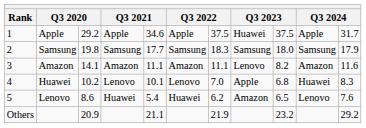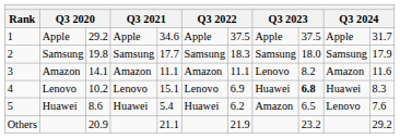 <table class="wikitable">
 <tr>
 <th colspan="12"></th>
 </tr>
 <tr>
 <th>Rank</th>
 <th colspan="2">Q3 2020</th>
 <th colspan="2">Q3 2021</th>
 <th colspan="2">Q3 2022</th>
 <th colspan="2">Q3 2023</th>
 <th colspan="2">Q3 2024</th>
 </tr>
 <tr>
 <td>1</td>
 <td>Apple</td>
 <td>29.2</td>
 <td>Apple</td>
 <td>34.6</td>
 <td>Apple</td>
 <td>37.5</td>
-<td>Huawei</td>
+<td>Apple</td>
 <td>37.5</td>
 <td>Apple</td>
 <td>31.7</td>
 </tr>
 <tr>
 <td>2</td>
 <td>Samsung</td>
 <td>19.8</td>
 <td>Samsung</td>
 <td>17.7</td>
 <td>Samsung</td>
 <td>18.3</td>
 <td>Samsung</td>
 <td>18.0</td>
 <td>Samsung</td>
 <td>17.9</td>
 </tr>
 <tr>
 <td>3</td>
 <td>Amazon</td>
 <td>14.1</td>
 <td>Amazon</td>
 <td>11.1</td>
 <td>Amazon</td>
 <td>11.1</td>
 <td>Lenovo</td>
 <td>8.2</td>
 <td>Amazon</td>
 <td>11.6</td>
 </tr>
 <tr>
 <td>4</td>
-<td>Huawei</td>
+<td>Lenovo</td>
 <td>10.2</td>
 <td>Lenovo</td>
-<td>10.1</td>
+<td>15.1</td>
 <td>Lenovo</td>
-<td>7.0</td>
-<td>Apple</td>
-<td>6.8</td>
+<td>6.9</td>
+<td>Huawei</td>
+<td><strong>6.8</strong></td>
 <td>Huawei</td>
 <td>8.3</td>
 </tr>
 <tr>
 <td>5</td>
-<td>Lenovo</td>
+<td>Huawei</td>
 <td>8.6</td>
 <td>Huawei</td>
 <td>5.4</td>
 <td>Huawei</td>
 <td>6.2</td>
 <td>Amazon</td>
 <td>6.5</td>
 <td>Lenovo</td>
 <td>7.6</td>
 </tr>
 <tr>
 <td>Others</td>
 <td></td>
 <td>20.9</td>
 <td></td>
 <td>21.1</td>
 <td></td>
 <td>21.9</td>
 <td></td>
 <td>23.2</td>
 <td></td>
 <td>29.2</td>
 </tr>
 </table>
